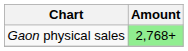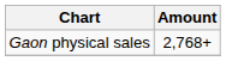 <table class="wikitable" style="text-align:center">
 <tr>
 <th>Chart</th>
 <th>Amount</th>
 </tr>
 <tr>
 <td><em>Gaon</em> physical sales</td>
-<td style="background: lightgreen;">2,768+</td>
+<td>2,768+</td>
 </tr>
 <tr>
 </tr>
 </table>
